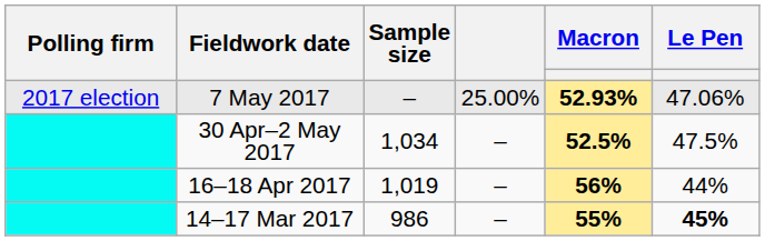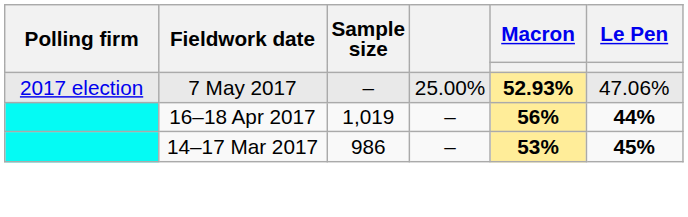 <table class="wikitable sortable" style="text-align:center;font-size:90%;line-height:14px;">
 <tr style="height:40px;">
 <th style="width:100px;" rowspan="2">Polling firm</th>
 <th style="width:110px;" rowspan="2">Fieldwork date</th>
 <th style="width:35px;" rowspan="2">Sample<br>size</th>
 <th style="width:30px;" rowspan="2"></th>
 <th class="unsortable" style="width:60px;"><a href='#'>Macron</a><br></th>
 <th class="unsortable" style="width:60px;"><a href='#'>Le Pen</a><br></th>
 </tr>
 <tr>
 <th style="background:"></th>
 <th style="background:"></th>
 </tr>
 <tr style="background:#E9E9E9;">
 <td><a href='#'>2017 election</a></td>
 <td data-sort-value="2017-05-07">7 May 2017</td>
 <td>–</td>
 <td>25.00%</td>
 <td style="background:#FFED99;"><strong>52.93%</strong></td>
 <td>47.06%</td>
 </tr>
 <tr>
 <td style="background:#04FBF4;"></td>
-<td data-sort-value="2017-05-02">30 Apr–2 May 2017</td>
-<td>1,034</td>
-<td>–</td>
-<td style="background:#FFED99;"><strong>52.5%</strong></td>
-<td>47.5%</td>
-</tr>
-<tr>
-<td style="background:#04FBF4;"></td>
 <td data-sort-value="2017-04-18">16–18 Apr 2017</td>
 <td>1,019</td>
 <td>–</td>
 <td style="background:#FFED99;"><strong>56%</strong></td>
-<td>44%</td>
+<td><strong>44%</strong></td>
 </tr>
 <tr>
 <td style="background:#04FBF4;"></td>
 <td data-sort-value="2017-03-17">14–17 Mar 2017</td>
 <td>986</td>
 <td>–</td>
-<td style="background:#FFED99;"><strong>55%</strong></td>
+<td style="background:#FFED99;"><strong>53%</strong></td>
 <td><strong>45%</strong></td>
 </tr>
 </table>
